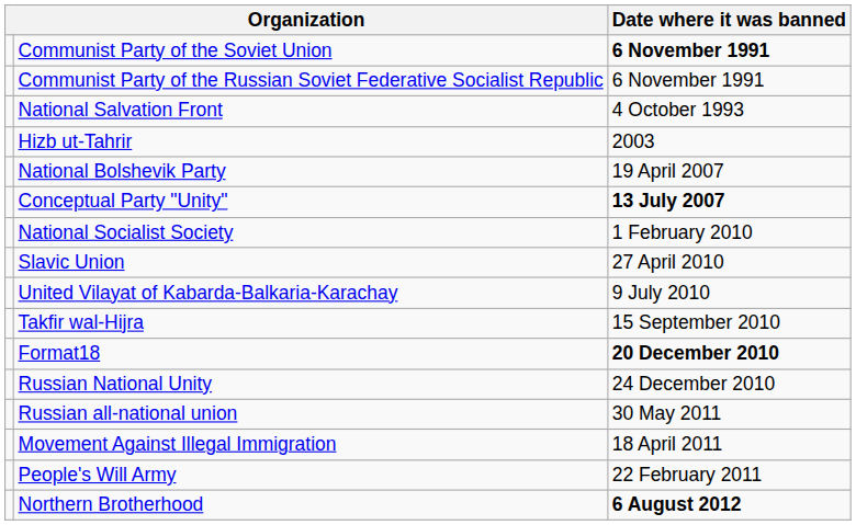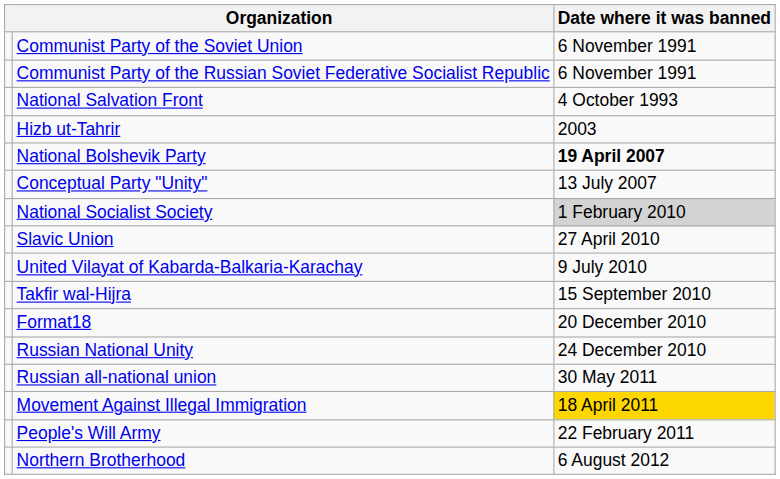 <table class="wikitable">
 <tr>
 <th colspan="2"><strong>Organization</strong></th>
 <th>Date where it was banned</th>
 </tr>
 <tr>
 <td></td>
 <td><a href='#'>Communist Party of the Soviet Union</a></td>
-<td><strong>6 November 1991</strong></td>
+<td>6 November 1991</td>
 </tr>
 <tr>
 <td></td>
 <td><a href='#'>Communist Party of the Russian Soviet Federative Socialist Republic</a></td>
 <td>6 November 1991</td>
 </tr>
 <tr>
 <td></td>
 <td><a href='#'>National Salvation Front</a></td>
 <td>4 October 1993</td>
 </tr>
 <tr>
 <td></td>
 <td><a href='#'>Hizb ut-Tahrir</a></td>
 <td>2003</td>
 </tr>
 <tr>
 <td></td>
 <td><a href='#'>National Bolshevik Party</a></td>
-<td>19 April 2007</td>
+<td><strong>19 April 2007</strong></td>
 </tr>
 <tr>
 <td></td>
 <td><a href='#'>Conceptual Party "Unity"</a></td>
-<td><strong>13 July 2007</strong></td>
+<td>13 July 2007</td>
 </tr>
 <tr>
 <td></td>
 <td><a href='#'>National Socialist Society</a></td>
-<td>1 February 2010</td>
+<td style="background: lightgrey;">1 February 2010</td>
 </tr>
 <tr>
 <td></td>
 <td><a href='#'>Slavic Union</a></td>
 <td>27 April 2010</td>
 </tr>
 <tr>
 <td></td>
 <td><a href='#'>United Vilayat of Kabarda-Balkaria-Karachay</a></td>
 <td>9 July 2010</td>
 </tr>
 <tr>
 <td></td>
 <td><a href='#'>Takfir wal-Hijra</a></td>
 <td>15 September 2010</td>
 </tr>
 <tr>
 <td></td>
 <td><a href='#'>Format18</a></td>
-<td><strong>20 December 2010</strong></td>
+<td>20 December 2010</td>
 </tr>
 <tr>
 <td></td>
 <td><a href='#'>Russian National Unity</a></td>
 <td>24 December 2010</td>
 </tr>
 <tr>
 <td></td>
 <td><a href='#'>Russian all-national union</a></td>
 <td>30 May 2011</td>
 </tr>
 <tr>
 <td></td>
 <td><a href='#'>Movement Against Illegal Immigration</a></td>
-<td>18 April 2011</td>
+<td style="background: gold;">18 April 2011</td>
 </tr>
 <tr>
 <td></td>
 <td><a href='#'>People's Will Army</a></td>
 <td>22 February 2011</td>
 </tr>
 <tr>
 <td></td>
 <td><a href='#'>Northern Brotherhood</a></td>
-<td><strong>6 August 2012</strong></td>
+<td>6 August 2012</td>
 </tr>
 </table>
